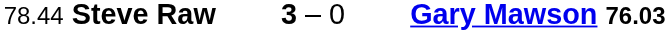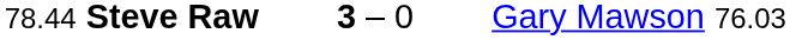 <table style="text-align:center">
 <tr>
 <th width=223></th>
 <th width=100></th>
 <th width=223></th>
 </tr>
 <tr>
 <td align=right><small>78.44</small> <strong>Steve Raw</strong> </td>
 <td><strong>3</strong> – 0</td>
-<td align=left><strong> <a href='#'>Gary Mawson</a> <small>76.03</small></strong></td>
+<td align=left> <a href='#'>Gary Mawson</a> <small>76.03</small></td>
 </tr>
 </table>
